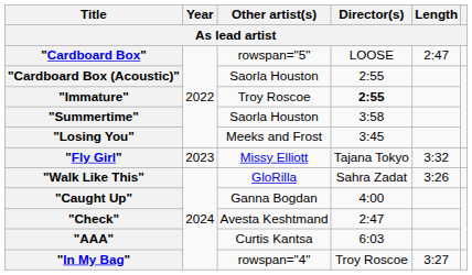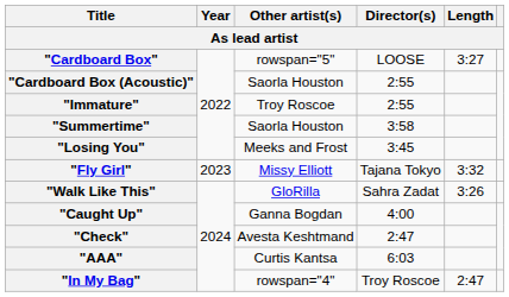 <table class="wikitable plainrowheaders" style="text-align:center">
 <tr>
 <th scope="col">Title</th>
 <th scope="col">Year</th>
 <th scope="col">Other artist(s)</th>
 <th scope="col">Director(s)</th>
 <th scope="col">Length</th>
 <th scope="col" class=unsortable></th>
 </tr>
 <tr>
 <th scope="col" colspan="6">As lead artist</th>
 </tr>
 <tr>
 <th scope="row">"<a href='#'>Cardboard Box</a>"</th>
 <td rowspan="5">2022</td>
 <td>rowspan="5" </td>
 <td>LOOSE</td>
-<td>2:47</td>
+<td>3:27</td>
 <td></td>
 </tr>
 <tr>
 <th scope="row">"Cardboard Box (Acoustic)"</th>
 <td>Saorla Houston</td>
 <td>2:55</td>
 <td></td>
 </tr>
 <tr>
 <th scope="row">"Immature"</th>
 <td>Troy Roscoe</td>
-<td><strong>2:55</strong></td>
+<td>2:55</td>
 <td></td>
 </tr>
 <tr>
 <th scope="row">"Summertime"</th>
 <td>Saorla Houston</td>
 <td>3:58</td>
 <td></td>
 </tr>
 <tr>
 <th scope="row">"Losing You"</th>
 <td>Meeks and Frost</td>
 <td>3:45</td>
 <td></td>
 </tr>
 <tr>
 <th scope="row">"<a href='#'>Fly Girl</a>"</th>
 <td>2023</td>
 <td><a href='#'>Missy Elliott</a></td>
 <td>Tajana Tokyo</td>
 <td>3:32</td>
 <td></td>
 </tr>
 <tr>
 <th scope="row">"Walk Like This"</th>
 <td rowspan="5">2024</td>
 <td><a href='#'>GloRilla</a></td>
 <td>Sahra Zadat</td>
 <td>3:26</td>
 <td></td>
 </tr>
 <tr>
 <th scope="row">"Caught Up"</th>
 <td>Ganna Bogdan</td>
 <td>4:00</td>
 <td></td>
 </tr>
 <tr>
 <th scope="row">"Check"</th>
 <td>Avesta Keshtmand</td>
 <td>2:47</td>
 <td></td>
 </tr>
 <tr>
 <th scope="row">"AAA"</th>
 <td>Curtis Kantsa</td>
 <td>6:03</td>
 <td></td>
 </tr>
 <tr>
 <th scope="row">"<a href='#'>In My Bag</a>"</th>
 <td>rowspan="4" </td>
 <td>Troy Roscoe</td>
-<td>3:27</td>
+<td>2:47</td>
 <td></td>
 </tr>
 </table>
